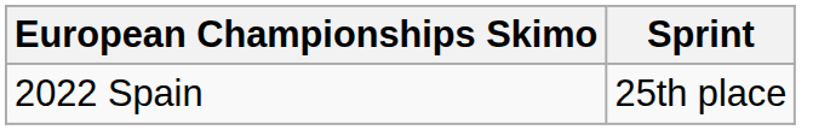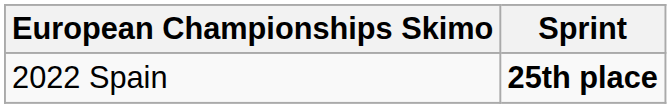 <table class="wikitable">
 <tr>
 <th><strong>European Championships Skimo</strong></th>
 <th>Sprint</th>
 </tr>
 <tr>
 <td>2022 Spain</td>
-<td>25th place</td>
+<td><strong>25th place</strong></td>
 </tr>
 </table>
